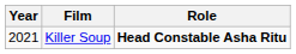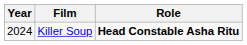 <table class="wikitable" style="24:95%;">
 <tr>
 <th>Year</th>
 <th>Film</th>
 <th>Role</th>
 </tr>
 <tr>
-<td>2021</td>
+<td>2024</td>
 <td><a href='#'>Killer Soup</a></td>
 <td><strong>Head Constable Asha Ritu</strong></td>
 </tr>
 </table>
